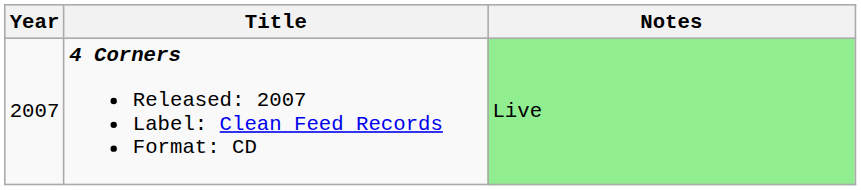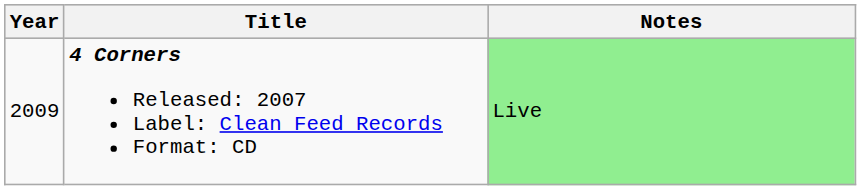 <table class="wikitable">
 <tr>
 <th>Year</th>
 <th style="width:225px;">Title</th>
 <th style="width:225px;">Notes</th>
 </tr>
 <tr>
-<td>2007</td>
+<td>2009</td>
 <td style="width:20em"><strong><em>4 Corners</em></strong><br><ul><li>Released: 2007</li><li>Label: <a href='#'>Clean Feed Records</a> </li><li>Format: CD</li></ul></td>
 <td style="background: lightgreen;">Live</td>
 </tr>
 </table>
